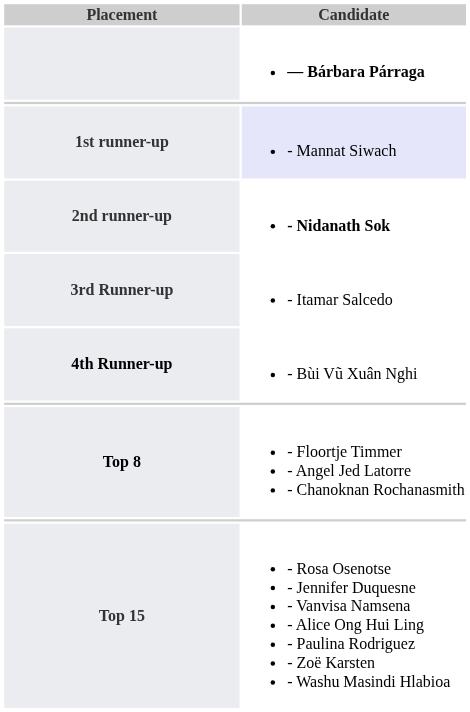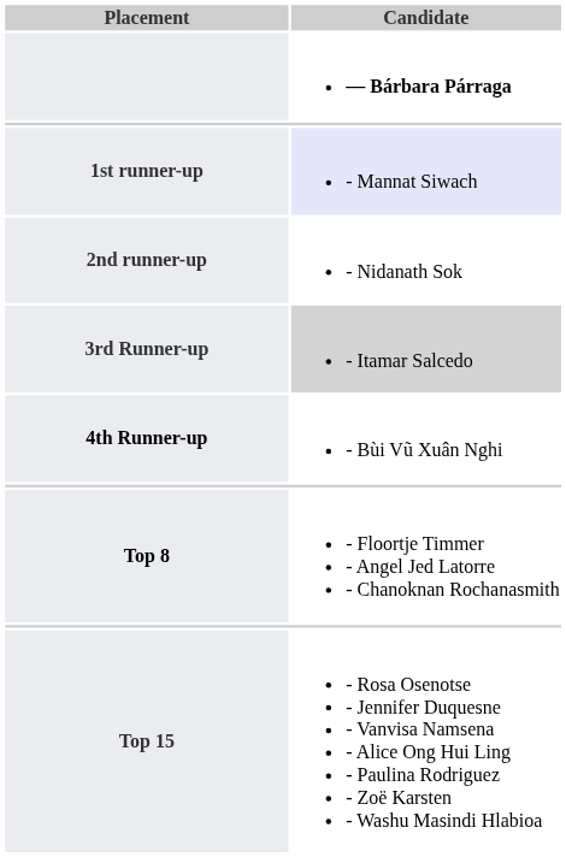 <table class="toccolours" style="font-size: 90%">
 <tr>
 <th width=210px style = "background: #CECECE; color: #333333; text-align:center ">Placement</th>
 <th style = "background: #CECECE; color: #333333; text-align:center">Candidate</th>
 </tr>
 <tr>
 <th style = "background: #eaecf0; color:#333333; text-align:center"></th>
 <td><br><ul><li><strong>  — Bárbara Párraga</strong></li></ul></td>
 </tr>
 <tr>
 <td colspan="2" style="background:#CECECE"></td>
 </tr>
 <tr>
 <th style = "background: #eaecf0; color:#333333; text-align:center">1st runner-up</th>
 <td style="background: lavender;"><br><ul><li> - Mannat Siwach</li></ul></td>
 </tr>
 <tr>
 <th style = "background: #eaecf0; color:#333333; text-align:center">2nd runner-up</th>
-<td><strong><br><ul><li> - Nidanath Sok</li></ul></strong></td>
+<td><br><ul><li> - Nidanath Sok</li></ul></td>
 </tr>
 <tr>
 <th style = "background: #eaecf0; color:#333333; text-align:center">3rd Runner-up</th>
-<td {{nowrap><br><ul><li> - Itamar Salcedo</li></ul></td>
+<td {{nowrap style="background: lightgrey;"><br><ul><li> - Itamar Salcedo</li></ul></td>
 </tr>
 <tr>
 <th style= "background: #eaecf0; color:#3333333; text-align: center ">4th Runner-up</th>
 <td><br><ul><li> - Bùi Vũ Xuân Nghi</li></ul></td>
 </tr>
 <tr>
 <td colspan="2" style="background:#CECECE"></td>
 </tr>
 <tr>
 <th style="background: #eaecf0; color:#3333333; text-align: center">Top 8</th>
 <td><br><ul><li> - Floortje Timmer</li><li> - Angel Jed Latorre</li><li> - Chanoknan Rochanasmith</li></ul></td>
 </tr>
 <tr>
 <td colspan="2" style="background:#CECECE"></td>
 </tr>
 <tr>
 <th style = "background: #eaecf0; color:#333333; text-align:center">Top 15</th>
 <td><br><ul><li> - Rosa Osenotse</li><li> - Jennifer Duquesne</li><li> - Vanvisa Namsena</li><li> - Alice Ong Hui Ling</li><li> - Paulina Rodriguez</li><li> - Zoë Karsten</li><li> - Washu Masindi Hlabioa</li></ul></td>
 </tr>
 </table>
